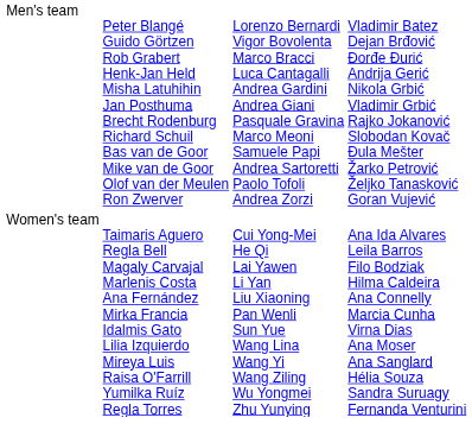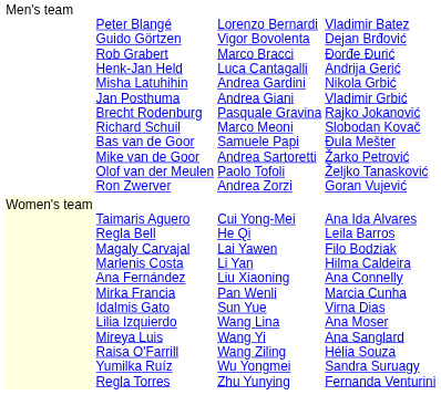 <table>
 <tr valign="top">
 <td>Men's team<br></td>
 <td><br><a href='#'>Peter Blangé</a><br><a href='#'>Guido Görtzen</a><br><a href='#'>Rob Grabert</a><br><a href='#'>Henk-Jan Held</a><br><a href='#'>Misha Latuhihin</a><br><a href='#'>Jan Posthuma</a><br><a href='#'>Brecht Rodenburg</a><br><a href='#'>Richard Schuil</a><br><a href='#'>Bas van de Goor</a><br><a href='#'>Mike van de Goor</a><br><a href='#'>Olof van der Meulen</a><br><a href='#'>Ron Zwerver</a></td>
 <td><br><a href='#'>Lorenzo Bernardi</a><br><a href='#'>Vigor Bovolenta</a><br><a href='#'>Marco Bracci</a><br><a href='#'>Luca Cantagalli</a><br><a href='#'>Andrea Gardini</a><br><a href='#'>Andrea Giani</a><br><a href='#'>Pasquale Gravina</a><br><a href='#'>Marco Meoni</a><br><a href='#'>Samuele Papi</a><br><a href='#'>Andrea Sartoretti</a><br><a href='#'>Paolo Tofoli</a><br><a href='#'>Andrea Zorzi</a></td>
 <td><br><a href='#'>Vladimir Batez</a><br><a href='#'>Dejan Brđović</a><br><a href='#'>Đorđe Đurić</a><br><a href='#'>Andrija Gerić</a><br><a href='#'>Nikola Grbić</a><br><a href='#'>Vladimir Grbić</a><br><a href='#'>Rajko Jokanović</a><br><a href='#'>Slobodan Kovač</a><br><a href='#'>Đula Mešter</a><br><a href='#'>Žarko Petrović</a><br><a href='#'>Željko Tanasković</a><br><a href='#'>Goran Vujević</a></td>
 </tr>
 <tr valign="top">
-<td>Women's team<br></td>
+<td style="background: lightyellow;">Women's team<br></td>
 <td><br><a href='#'>Taimaris Aguero</a><br><a href='#'>Regla Bell</a><br><a href='#'>Magaly Carvajal</a><br><a href='#'>Marlenis Costa</a><br><a href='#'>Ana Fernández</a><br><a href='#'>Mirka Francia</a><br><a href='#'>Idalmis Gato</a><br><a href='#'>Lilia Izquierdo</a><br><a href='#'>Mireya Luis</a><br><a href='#'>Raisa O'Farrill</a><br><a href='#'>Yumilka Ruíz</a><br><a href='#'>Regla Torres</a></td>
 <td><br><a href='#'>Cui Yong-Mei</a><br><a href='#'>He Qi</a><br><a href='#'>Lai Yawen</a><br><a href='#'>Li Yan</a><br><a href='#'>Liu Xiaoning</a><br><a href='#'>Pan Wenli</a><br><a href='#'>Sun Yue</a><br><a href='#'>Wang Lina</a><br><a href='#'>Wang Yi</a><br><a href='#'>Wang Ziling</a><br><a href='#'>Wu Yongmei</a><br><a href='#'>Zhu Yunying</a></td>
 <td><br><a href='#'>Ana Ida Alvares</a><br><a href='#'>Leila Barros</a><br><a href='#'>Filo Bodziak</a><br><a href='#'>Hilma Caldeira</a><br><a href='#'>Ana Connelly</a><br><a href='#'>Marcia Cunha</a><br><a href='#'>Virna Dias</a><br><a href='#'>Ana Moser</a><br><a href='#'>Ana Sanglard</a><br><a href='#'>Hélia Souza</a><br><a href='#'>Sandra Suruagy</a><br><a href='#'>Fernanda Venturini</a></td>
 </tr>
 </table>
